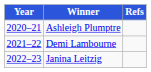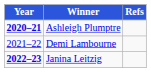 <table class="wikitable">
 <tr>
 <th style="color:white; background:#2B55DB;">Year</th>
 <th style="color:white; background:#2B55DB;">Winner</th>
 <th style="color:white; background:#2B55DB;">Refs</th>
 </tr>
 <tr>
-<td><a href='#'>2020–21</a></td>
+<td><strong><a href='#'>2020–21</a></strong></td>
 <td> <a href='#'>Ashleigh Plumptre</a></td>
 </tr>
 <tr>
 <td><a href='#'>2021–22</a></td>
 <td> <a href='#'>Demi Lambourne</a></td>
 <td></td>
 </tr>
 <tr>
-<td><a href='#'>2022–23</a></td>
+<td><strong><a href='#'>2022–23</a></strong></td>
 <td> <a href='#'>Janina Leitzig</a></td>
 <td></td>
 </tr>
 </table>
